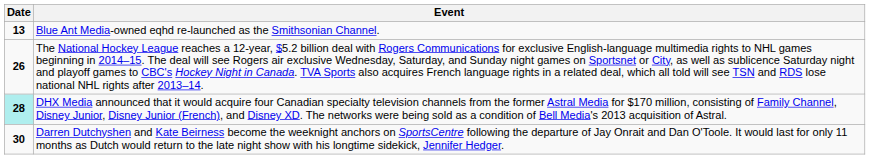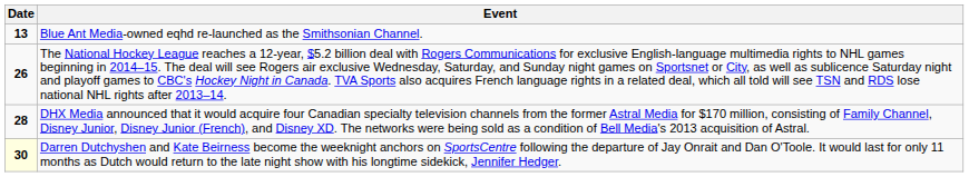 <table class="wikitable">
 <tr>
 <th>Date</th>
 <th>Event</th>
 </tr>
 <tr>
 <td style="text-align:center;"><strong>13</strong></td>
 <td><a href='#'>Blue Ant Media</a>-owned eqhd re-launched as the <a href='#'>Smithsonian Channel</a>.</td>
 </tr>
 <tr>
 <td style="text-align:center;"><strong>26</strong></td>
 <td>The <a href='#'>National Hockey League</a> reaches a 12-year, <a href='#'>$</a>5.2 billion deal with <a href='#'>Rogers Communications</a> for exclusive English-language multimedia rights to NHL games beginning in <a href='#'>2014–15</a>. The deal will see Rogers air exclusive Wednesday, Saturday, and Sunday night games on <a href='#'>Sportsnet</a> or <a href='#'>City</a>, as well as sublicence Saturday night and playoff games to <a href='#'>CBC's</a> <em><a href='#'>Hockey Night in Canada</a></em>. <a href='#'>TVA Sports</a> also acquires French language rights in a related deal, which all told will see <a href='#'>TSN</a> and <a href='#'>RDS</a> lose national NHL rights after <a href='#'>2013–14</a>.</td>
 </tr>
 <tr>
-<td style="background: paleturquoise; text-align:center;"><strong>28</strong></td>
+<td style="text-align:center;"><strong>28</strong></td>
 <td><a href='#'>DHX Media</a> announced that it would acquire four Canadian specialty television channels from the former <a href='#'>Astral Media</a> for $170 million, consisting of <a href='#'>Family Channel</a>, <a href='#'>Disney Junior</a>, <a href='#'>Disney Junior (French)</a>, and <a href='#'>Disney XD</a>. The networks were being sold as a condition of <a href='#'>Bell Media</a>'s 2013 acquisition of Astral.</td>
 </tr>
 <tr>
-<td style="text-align:center;"><strong>30</strong></td>
+<td style="background: lightyellow; text-align:center;"><strong>30</strong></td>
 <td><a href='#'>Darren Dutchyshen</a> and <a href='#'>Kate Beirness</a> become the weeknight anchors on <em><a href='#'>SportsCentre</a></em> following the departure of Jay Onrait and Dan O'Toole. It would last for only 11 months as Dutch would return to the late night show with his longtime sidekick, <a href='#'>Jennifer Hedger</a>.</td>
 </tr>
 </table>
